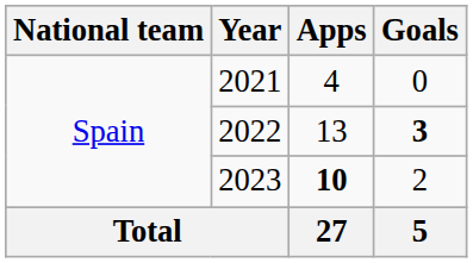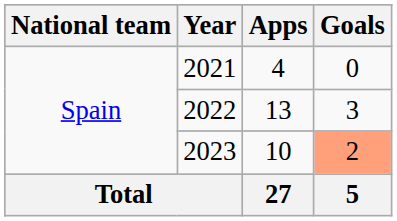 <table class="wikitable" style="text-align: center;">
 <tr>
 <th>National team</th>
 <th>Year</th>
 <th>Apps</th>
 <th>Goals</th>
 </tr>
 <tr>
 <td rowspan="3"><a href='#'>Spain</a></td>
 <td>2021</td>
 <td>4</td>
 <td>0</td>
 </tr>
 <tr>
 <td>2022</td>
 <td>13</td>
-<td><strong>3</strong></td>
+<td>3</td>
 </tr>
 <tr>
 <td>2023</td>
-<td><strong>10</strong></td>
-<td>2</td>
+<td>10</td>
+<td style="background: lightsalmon;">2</td>
 </tr>
 <tr>
 <th colspan="2">Total</th>
 <th>27</th>
 <th>5</th>
 </tr>
 </table>
